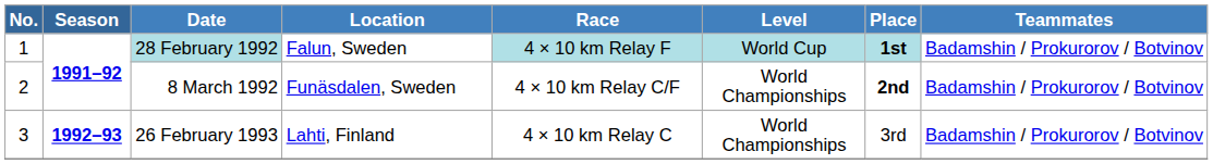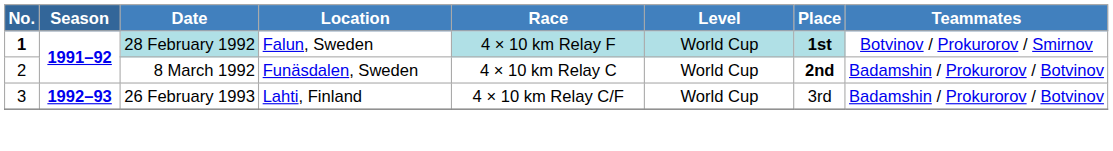 <table class="wikitable sortable" style="font-size:95%; text-align:center; border:grey solid 1px; border-collapse:collapse; background:#ffffff;">
 <tr style="background:#efefef;">
 <th style="background-color:#369; color:white;">No.</th>
 <th style="background-color:#369; color:white;">Season</th>
 <th style="background-color:#4180be; color:white; width:120px;">Date</th>
 <th style="background-color:#4180be; color:white; width:170px;">Location</th>
 <th style="background-color:#4180be; color:white; width:170px;">Race</th>
 <th style="background-color:#4180be; color:white; width:130px;">Level</th>
 <th style="background-color:#4180be; color:white;">Place</th>
 <th style="background-color:#4180be; color:white;">Teammates</th>
 </tr>
 <tr>
-<td align=center>1</td>
+<td align=center><strong>1</strong></td>
 <td rowspan=2 align=center><strong><a href='#'>1991–92</a></strong></td>
 <td bgcolor="#BOEOE6" align=right>28 February 1992</td>
 <td align=left> <a href='#'>Falun</a>, Sweden</td>
 <td bgcolor="#BOEOE6">4 × 10 km Relay F</td>
 <td bgcolor="#BOEOE6">World Cup</td>
 <td bgcolor="#BOEOE6"><strong>1st</strong></td>
-<td><a href='#'>Badamshin</a> / <a href='#'>Prokurorov</a> / <a href='#'>Botvinov</a></td>
+<td><a href='#'>Botvinov</a> / <a href='#'>Prokurorov</a> / <a href='#'>Smirnov</a></td>
 </tr>
 <tr>
 <td align=center>2</td>
 <td align=right>8 March 1992</td>
 <td align=left> <a href='#'>Funäsdalen</a>, Sweden</td>
-<td>4 × 10 km Relay C/F</td>
-<td>World Championships</td>
+<td>4 × 10 km Relay C</td>
+<td>World Cup</td>
 <td><strong>2nd</strong></td>
 <td><a href='#'>Badamshin</a> / <a href='#'>Prokurorov</a> / <a href='#'>Botvinov</a></td>
 </tr>
 <tr>
 <td align=center>3</td>
 <td rowspan=1 align=center><strong> <a href='#'>1992–93</a> </strong></td>
 <td align=right>26 February 1993</td>
 <td align=left> <a href='#'>Lahti</a>, Finland</td>
-<td>4 × 10 km Relay C</td>
-<td>World Championships</td>
+<td>4 × 10 km Relay C/F</td>
+<td>World Cup</td>
 <td>3rd</td>
 <td><a href='#'>Badamshin</a> / <a href='#'>Prokurorov</a> / <a href='#'>Botvinov</a></td>
 </tr>
 <tr>
 </tr>
 </table>
